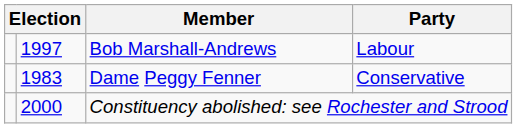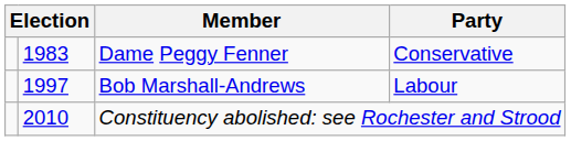 <table class="wikitable">
 <tr>
 <th colspan="2">Election</th>
 <th>Member</th>
 <th>Party</th>
 </tr>
 <tr>
 <td style="color:inherit;background-color: "></td>
+<td><a href='#'>1983</a></td>
+<td><a href='#'>Dame</a> <a href='#'>Peggy Fenner</a></td>
+<td><a href='#'>Conservative</a></td>
+</tr>
+<tr>
+<td style="color:inherit;background-color: "></td>
 <td><a href='#'>1997</a></td>
 <td><a href='#'>Bob Marshall-Andrews</a></td>
 <td><a href='#'>Labour</a></td>
 </tr>
 <tr>
-<td style="color:inherit;background-color: "></td>
-<td><a href='#'>1983</a></td>
-<td><a href='#'>Dame</a> <a href='#'>Peggy Fenner</a></td>
-<td><a href='#'>Conservative</a></td>
-</tr>
-<tr>
 <td></td>
-<td><a href='#'>2000</a></td>
+<td><a href='#'>2010</a></td>
 <td colspan="2"><em>Constituency abolished: see <a href='#'>Rochester and Strood</a></em></td>
 </tr>
 </table>
